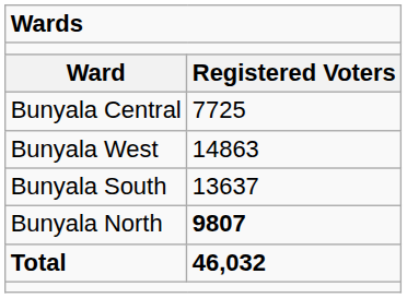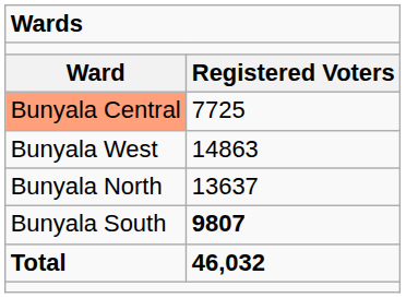 <table class="wikitable">
 <tr>
 <td colspan="2"><strong>Wards</strong></td>
 </tr>
 <tr>
 <td colspan="2"></td>
 </tr>
 <tr>
 <th>Ward</th>
 <th>Registered Voters</th>
 </tr>
 <tr>
-<td>Bunyala Central</td>
+<td style="background: lightsalmon;">Bunyala Central</td>
 <td>7725</td>
 </tr>
 <tr>
 <td>Bunyala West</td>
 <td>14863</td>
 </tr>
 <tr>
-<td>Bunyala South</td>
+<td>Bunyala North</td>
 <td>13637</td>
 </tr>
 <tr>
-<td>Bunyala North</td>
+<td>Bunyala South</td>
 <td><strong>9807</strong></td>
 </tr>
 <tr>
 <td><strong>Total</strong></td>
 <td><strong>46,032</strong></td>
 </tr>
 <tr>
 <td colspan="2"></td>
 </tr>
 </table>
